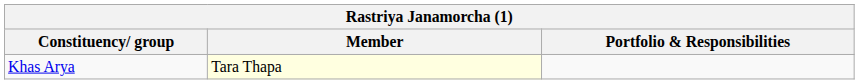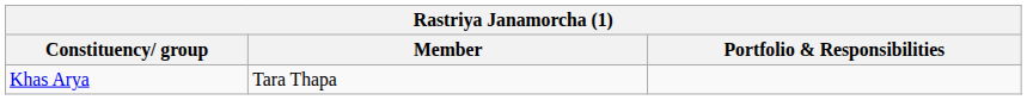 <table class="wikitable">
 <tr>
 <th colspan="3" style="width: 800pt; background:">Rastriya Janamorcha (1)</th>
 </tr>
 <tr>
 <th style="width:150pt;">Constituency/ group</th>
 <th style="width:250pt;">Member</th>
 <th>Portfolio & Responsibilities</th>
 </tr>
 <tr>
 <td><a href='#'>Khas Arya</a></td>
-<td style="background: lightyellow;">Tara Thapa</td>
+<td>Tara Thapa</td>
 <td></td>
 </tr>
 </table>
